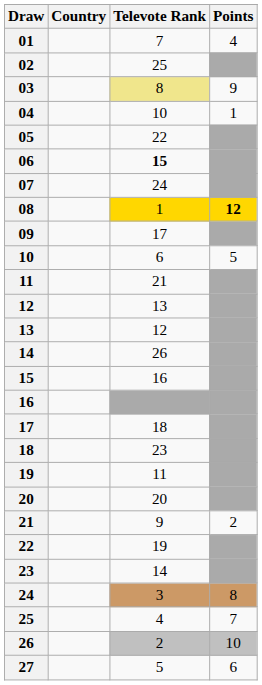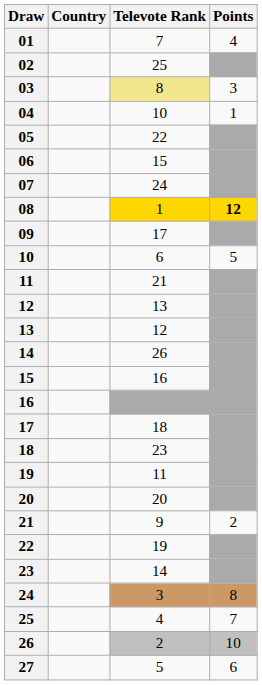 <table class="sortable wikitable collapsible plainrowheaders" style="text-align:center;">
 <tr>
 </tr>
 <tr>
 <th scope="col">Draw</th>
 <th scope="col">Country</th>
 <th scope="col">Televote Rank</th>
 <th scope="col">Points</th>
 </tr>
 <tr>
 <th scope="row" style="text-align:center;">01</th>
 <td style="text-align:left;"></td>
 <td>7</td>
 <td>4</td>
 </tr>
 <tr>
 <th scope="row" style="text-align:center;">02</th>
 <td style="text-align:left;"></td>
 <td>25</td>
 <td style="background:#AAAAAA;"></td>
 </tr>
 <tr>
 <th scope="row" style="text-align:center;">03</th>
 <td style="text-align:left;"></td>
 <td style="background: khaki;">8</td>
-<td>9</td>
+<td>3</td>
 </tr>
 <tr>
 <th scope="row" style="text-align:center;">04</th>
 <td style="text-align:left;"></td>
 <td>10</td>
 <td>1</td>
 </tr>
 <tr>
 <th scope="row" style="text-align:center;">05</th>
 <td style="text-align:left;"></td>
 <td>22</td>
 <td style="background:#AAAAAA;"></td>
 </tr>
 <tr>
 <th scope="row" style="text-align:center;">06</th>
 <td style="text-align:left;"></td>
-<td><strong>15</strong></td>
+<td>15</td>
 <td style="background:#AAAAAA;"></td>
 </tr>
 <tr>
 <th scope="row" style="text-align:center;">07</th>
 <td style="text-align:left;"></td>
 <td>24</td>
 <td style="background:#AAAAAA;"></td>
 </tr>
 <tr>
 <th scope="row" style="text-align:center;">08</th>
 <td style="text-align:left;"></td>
 <td style="background:gold;">1</td>
 <td style="background:gold;"><strong>12</strong></td>
 </tr>
 <tr>
 <th scope="row" style="text-align:center;">09</th>
 <td style="text-align:left;"></td>
 <td>17</td>
 <td style="background:#AAAAAA;"></td>
 </tr>
 <tr>
 <th scope="row" style="text-align:center;">10</th>
 <td style="text-align:left;"></td>
 <td>6</td>
 <td>5</td>
 </tr>
 <tr>
 <th scope="row" style="text-align:center;">11</th>
 <td style="text-align:left;"></td>
 <td>21</td>
 <td style="background:#AAAAAA;"></td>
 </tr>
 <tr>
 <th scope="row" style="text-align:center;">12</th>
 <td style="text-align:left;"></td>
 <td>13</td>
 <td style="background:#AAAAAA;"></td>
 </tr>
 <tr>
 <th scope="row" style="text-align:center;">13</th>
 <td style="text-align:left;"></td>
 <td>12</td>
 <td style="background:#AAAAAA;"></td>
 </tr>
 <tr>
 <th scope="row" style="text-align:center;">14</th>
 <td style="text-align:left;"></td>
 <td>26</td>
 <td style="background:#AAAAAA;"></td>
 </tr>
 <tr>
 <th scope="row" style="text-align:center;">15</th>
 <td style="text-align:left;"></td>
 <td>16</td>
 <td style="background:#AAAAAA;"></td>
 </tr>
 <tr class="sortbottom">
 <th scope="row" style="text-align:center;">16</th>
 <td style="text-align:left;"></td>
 <td style="background:#AAAAAA;"></td>
 <td style="background:#AAAAAA;"></td>
 </tr>
 <tr>
 <th scope="row" style="text-align:center;">17</th>
 <td style="text-align:left;"></td>
 <td>18</td>
 <td style="background:#AAAAAA;"></td>
 </tr>
 <tr>
 <th scope="row" style="text-align:center;">18</th>
 <td style="text-align:left;"></td>
 <td>23</td>
 <td style="background:#AAAAAA;"></td>
 </tr>
 <tr>
 <th scope="row" style="text-align:center;">19</th>
 <td style="text-align:left;"></td>
 <td>11</td>
 <td style="background:#AAAAAA;"></td>
 </tr>
 <tr>
 <th scope="row" style="text-align:center;">20</th>
 <td style="text-align:left;"></td>
 <td>20</td>
 <td style="background:#AAAAAA;"></td>
 </tr>
 <tr>
 <th scope="row" style="text-align:center;">21</th>
 <td style="text-align:left;"></td>
 <td>9</td>
 <td>2</td>
 </tr>
 <tr>
 <th scope="row" style="text-align:center;">22</th>
 <td style="text-align:left;"></td>
 <td>19</td>
 <td style="background:#AAAAAA;"></td>
 </tr>
 <tr>
 <th scope="row" style="text-align:center;">23</th>
 <td style="text-align:left;"></td>
 <td>14</td>
 <td style="background:#AAAAAA;"></td>
 </tr>
 <tr>
 <th scope="row" style="text-align:center;">24</th>
 <td style="text-align:left;"></td>
 <td style="background:#CC9966;">3</td>
 <td style="background:#CC9966;">8</td>
 </tr>
 <tr>
 <th scope="row" style="text-align:center;">25</th>
 <td style="text-align:left;"></td>
 <td>4</td>
 <td>7</td>
 </tr>
 <tr>
 <th scope="row" style="text-align:center;">26</th>
 <td style="text-align:left;"></td>
 <td style="background:silver;">2</td>
 <td style="background:silver;">10</td>
 </tr>
 <tr>
 <th scope="row" style="text-align:center;">27</th>
 <td style="text-align:left;"></td>
 <td>5</td>
 <td>6</td>
 </tr>
 </table>
